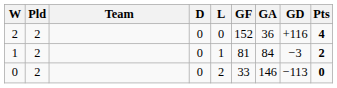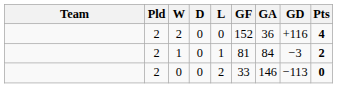 <table class="wikitable" style="text-align:center;">
 <tr>
+<th width=175>Team</th>
+<th width=20 abbr="Played">Pld</th>
 <th width=20 abbr="Won">W</th>
-<th width=20 abbr="Played">Pld</th>
-<th width=175>Team</th>
 <th width=20 abbr="Drawn">D</th>
 <th width=20 abbr="Lost">L</th>
 <th width=20 abbr="Goals for">GF</th>
 <th width=20 abbr="Goals against">GA</th>
 <th width=20 abbr="Goal difference">GD</th>
 <th width=20 abbr="Points">Pts</th>
 </tr>
 <tr>
+<td align=left></td>
 <td>2</td>
 <td>2</td>
-<td align=left></td>
 <td>0</td>
 <td>0</td>
 <td>152</td>
 <td>36</td>
 <td>+116</td>
 <td><strong>4</strong></td>
 </tr>
 <tr>
+<td align=left></td>
+<td>2</td>
 <td>1</td>
-<td>2</td>
-<td align=left></td>
 <td>0</td>
 <td>1</td>
 <td>81</td>
 <td>84</td>
 <td>−3</td>
 <td><strong>2</strong></td>
 </tr>
 <tr>
+<td align=left></td>
+<td>2</td>
 <td>0</td>
-<td>2</td>
-<td align=left></td>
 <td>0</td>
 <td>2</td>
 <td>33</td>
 <td>146</td>
 <td>−113</td>
 <td><strong>0</strong></td>
 </tr>
 </table>
